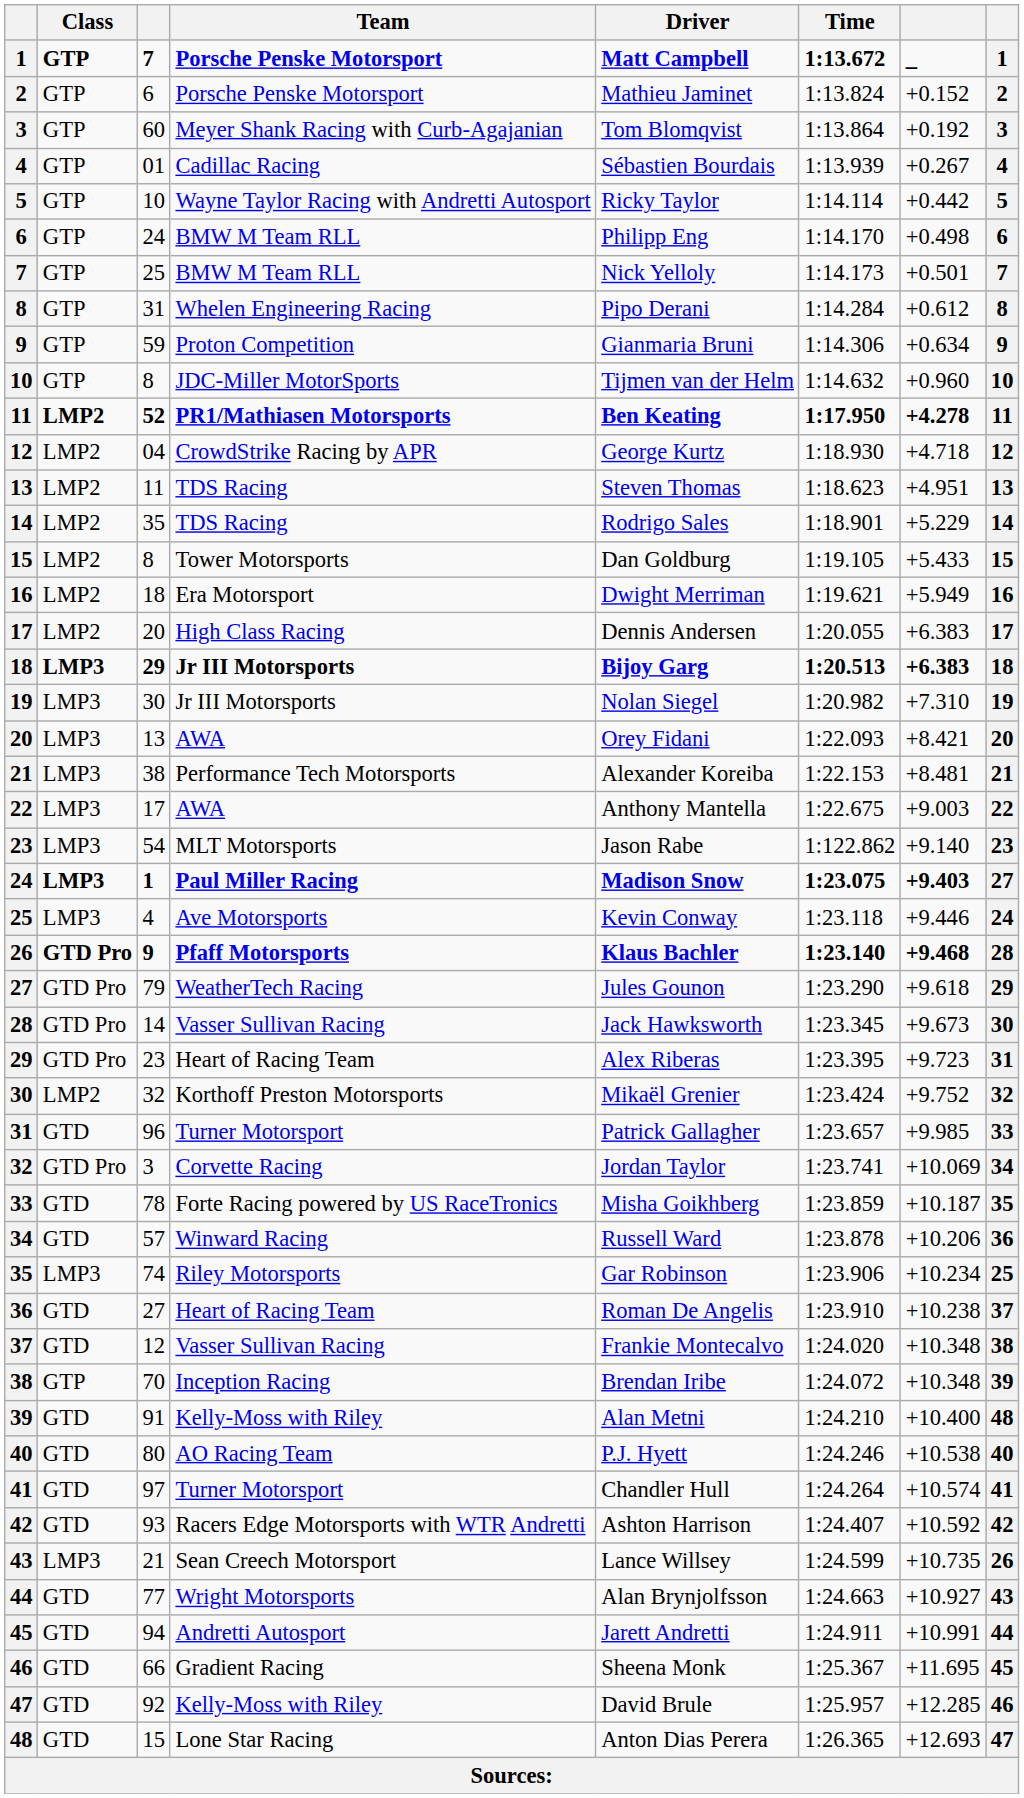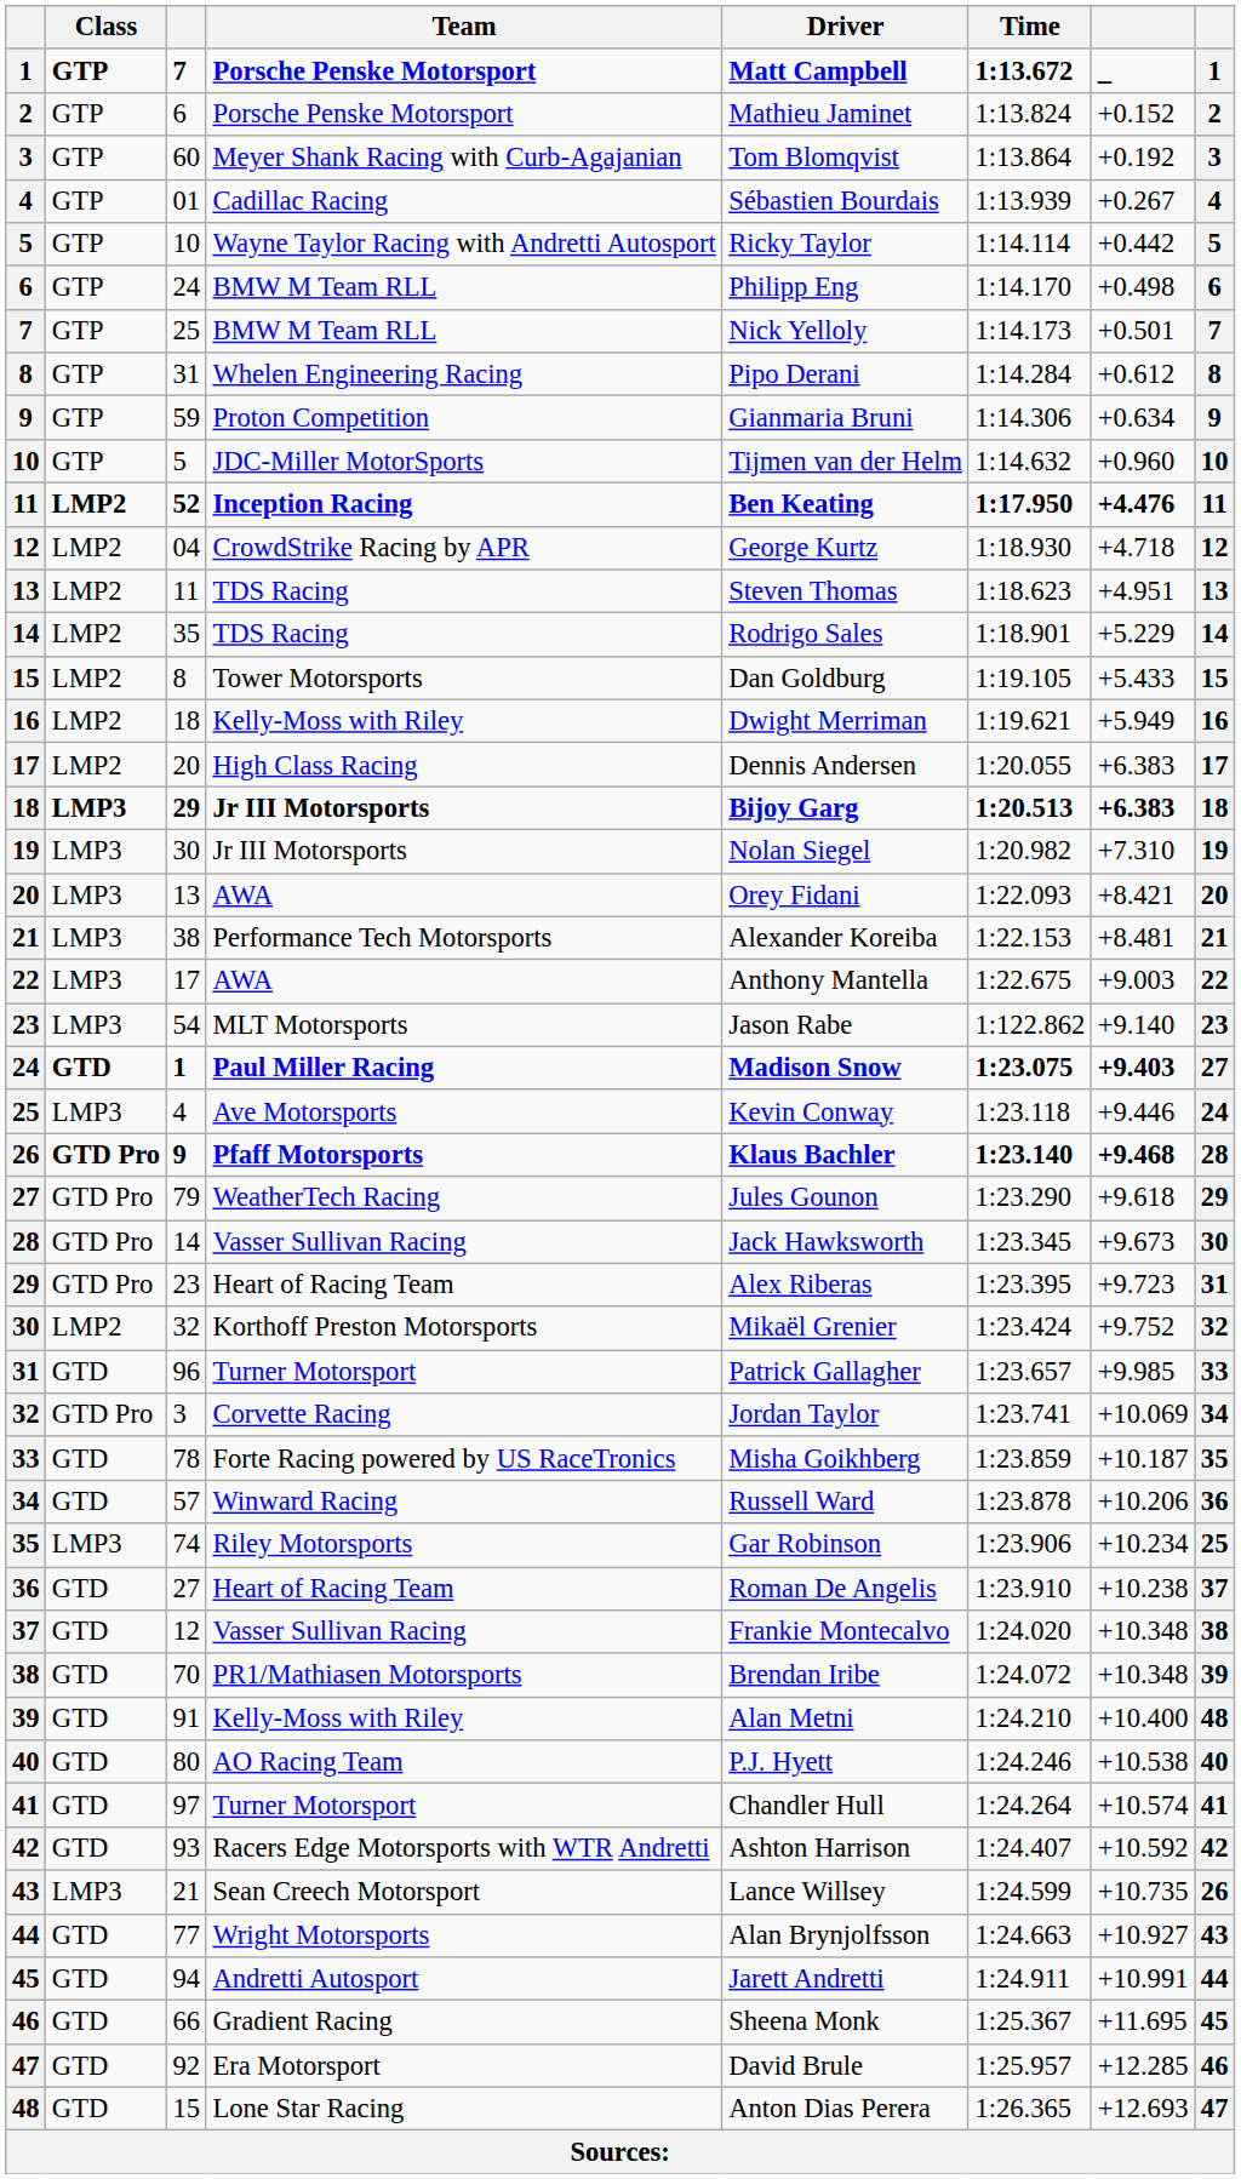 <table class="wikitable">
 <tr>
 <th></th>
 <th>Class</th>
 <th></th>
 <th>Team</th>
 <th>Driver</th>
 <th>Time</th>
 <th></th>
 <th></th>
 </tr>
 <tr style="font-weight:bold">
 <th>1</th>
 <td>GTP</td>
 <td>7</td>
 <td> <a href='#'>Porsche Penske Motorsport</a></td>
 <td> <a href='#'>Matt Campbell</a></td>
 <td>1:13.672</td>
 <td><strong>_</strong></td>
 <th>1</th>
 </tr>
 <tr>
 <th>2</th>
 <td>GTP</td>
 <td>6</td>
 <td> <a href='#'>Porsche Penske Motorsport</a></td>
 <td> <a href='#'>Mathieu Jaminet</a></td>
 <td>1:13.824</td>
 <td>+0.152</td>
 <th>2</th>
 </tr>
 <tr>
 <th>3</th>
 <td>GTP</td>
 <td>60</td>
 <td> <a href='#'>Meyer Shank Racing</a> with <a href='#'>Curb-Agajanian</a></td>
 <td> <a href='#'>Tom Blomqvist</a></td>
 <td>1:13.864</td>
 <td>+0.192</td>
 <th>3</th>
 </tr>
 <tr>
 <th>4</th>
 <td>GTP</td>
 <td>01</td>
 <td> <a href='#'>Cadillac Racing</a></td>
 <td> <a href='#'>Sébastien Bourdais</a></td>
 <td>1:13.939</td>
 <td>+0.267</td>
 <th>4</th>
 </tr>
 <tr>
 <th>5</th>
 <td>GTP</td>
 <td>10</td>
 <td> <a href='#'>Wayne Taylor Racing</a> with <a href='#'>Andretti Autosport</a></td>
 <td> <a href='#'>Ricky Taylor</a></td>
 <td>1:14.114</td>
 <td>+0.442</td>
 <th>5</th>
 </tr>
 <tr>
 <th>6</th>
 <td>GTP</td>
 <td>24</td>
 <td> <a href='#'>BMW M Team RLL</a></td>
 <td> <a href='#'>Philipp Eng</a></td>
 <td>1:14.170</td>
 <td>+0.498</td>
 <th>6</th>
 </tr>
 <tr>
 <th>7</th>
 <td>GTP</td>
 <td>25</td>
 <td> <a href='#'>BMW M Team RLL</a></td>
 <td> <a href='#'>Nick Yelloly</a></td>
 <td>1:14.173</td>
 <td>+0.501</td>
 <th>7</th>
 </tr>
 <tr>
 <th>8</th>
 <td>GTP</td>
 <td>31</td>
 <td> <a href='#'>Whelen Engineering Racing</a></td>
 <td> <a href='#'>Pipo Derani</a></td>
 <td>1:14.284</td>
 <td>+0.612</td>
 <th>8</th>
 </tr>
 <tr>
 <th>9</th>
 <td>GTP</td>
 <td>59</td>
 <td> <a href='#'>Proton Competition</a></td>
 <td> <a href='#'>Gianmaria Bruni</a></td>
 <td>1:14.306</td>
 <td>+0.634</td>
 <th>9</th>
 </tr>
 <tr>
 <th>10</th>
 <td>GTP</td>
-<td>8</td>
+<td>5</td>
 <td> <a href='#'>JDC-Miller MotorSports</a></td>
 <td> <a href='#'>Tijmen van der Helm</a></td>
 <td>1:14.632</td>
 <td>+0.960</td>
 <th>10</th>
 </tr>
 <tr style="font-weight:bold">
 <th>11</th>
 <td>LMP2</td>
 <td>52</td>
-<td> <a href='#'>PR1/Mathiasen Motorsports</a></td>
+<td> <a href='#'>Inception Racing</a></td>
 <td> <a href='#'>Ben Keating</a></td>
 <td>1:17.950</td>
-<td>+4.278</td>
+<td>+4.476</td>
 <th>11</th>
 </tr>
 <tr>
 <th>12</th>
 <td>LMP2</td>
 <td>04</td>
 <td> <a href='#'>CrowdStrike</a> Racing by <a href='#'>APR</a></td>
 <td> <a href='#'>George Kurtz</a></td>
 <td>1:18.930</td>
 <td>+4.718</td>
 <th>12</th>
 </tr>
 <tr>
 <th>13</th>
 <td>LMP2</td>
 <td>11</td>
 <td> <a href='#'>TDS Racing</a></td>
 <td> <a href='#'>Steven Thomas</a></td>
 <td>1:18.623</td>
 <td>+4.951</td>
 <th>13</th>
 </tr>
 <tr>
 <th>14</th>
 <td>LMP2</td>
 <td>35</td>
 <td> <a href='#'>TDS Racing</a></td>
 <td> <a href='#'>Rodrigo Sales</a></td>
 <td>1:18.901</td>
 <td>+5.229</td>
 <th>14</th>
 </tr>
 <tr>
 <th>15</th>
 <td>LMP2</td>
 <td>8</td>
 <td> Tower Motorsports</td>
 <td> Dan Goldburg</td>
 <td>1:19.105</td>
 <td>+5.433</td>
 <th>15</th>
 </tr>
 <tr>
 <th>16</th>
 <td>LMP2</td>
 <td>18</td>
-<td> Era Motorsport</td>
+<td> <a href='#'>Kelly-Moss with Riley</a></td>
 <td> <a href='#'>Dwight Merriman</a></td>
 <td>1:19.621</td>
 <td>+5.949</td>
 <th>16</th>
 </tr>
 <tr>
 <th>17</th>
 <td>LMP2</td>
 <td>20</td>
 <td> <a href='#'>High Class Racing</a></td>
 <td> Dennis Andersen</td>
 <td>1:20.055</td>
 <td>+6.383</td>
 <th>17</th>
 </tr>
 <tr style="font-weight:bold">
 <th>18</th>
 <td>LMP3</td>
 <td>29</td>
 <td> Jr III Motorsports</td>
 <td> <a href='#'>Bijoy Garg</a></td>
 <td>1:20.513</td>
 <td>+6.383</td>
 <th>18</th>
 </tr>
 <tr>
 <th>19</th>
 <td>LMP3</td>
 <td>30</td>
 <td> Jr III Motorsports</td>
 <td> <a href='#'>Nolan Siegel</a></td>
 <td>1:20.982</td>
 <td>+7.310</td>
 <th>19</th>
 </tr>
 <tr>
 <th>20</th>
 <td>LMP3</td>
 <td>13</td>
 <td> <a href='#'>AWA</a></td>
 <td> <a href='#'>Orey Fidani</a></td>
 <td>1:22.093</td>
 <td>+8.421</td>
 <th>20</th>
 </tr>
 <tr>
 <th>21</th>
 <td>LMP3</td>
 <td>38</td>
 <td> Performance Tech Motorsports</td>
 <td> Alexander Koreiba</td>
 <td>1:22.153</td>
 <td>+8.481</td>
 <th>21</th>
 </tr>
 <tr>
 <th>22</th>
 <td>LMP3</td>
 <td>17</td>
 <td> <a href='#'>AWA</a></td>
 <td> Anthony Mantella</td>
 <td>1:22.675</td>
 <td>+9.003</td>
 <th>22</th>
 </tr>
 <tr>
 <th>23</th>
 <td>LMP3</td>
 <td>54</td>
 <td> MLT Motorsports</td>
 <td> Jason Rabe</td>
 <td>1:122.862</td>
 <td>+9.140</td>
 <th>23</th>
 </tr>
 <tr style="font-weight:bold">
 <th>24</th>
-<td>LMP3</td>
+<td>GTD</td>
 <td>1</td>
 <td> <a href='#'>Paul Miller Racing</a></td>
 <td> <a href='#'>Madison Snow</a></td>
 <td>1:23.075</td>
 <td>+9.403</td>
 <th>27</th>
 </tr>
 <tr>
 <th>25</th>
 <td>LMP3</td>
 <td>4</td>
 <td> <a href='#'>Ave Motorsports</a></td>
 <td> <a href='#'>Kevin Conway</a></td>
 <td>1:23.118</td>
 <td>+9.446</td>
 <th>24</th>
 </tr>
 <tr style="font-weight:bold">
 <th>26</th>
 <td>GTD Pro</td>
 <td>9</td>
 <td> <a href='#'>Pfaff Motorsports</a></td>
 <td> <a href='#'>Klaus Bachler</a></td>
 <td>1:23.140</td>
 <td>+9.468</td>
 <th>28</th>
 </tr>
 <tr>
 <th>27</th>
 <td>GTD Pro</td>
 <td>79</td>
 <td> <a href='#'>WeatherTech Racing</a></td>
 <td> <a href='#'>Jules Gounon</a></td>
 <td>1:23.290</td>
 <td>+9.618</td>
 <th>29</th>
 </tr>
 <tr>
 <th>28</th>
 <td>GTD Pro</td>
 <td>14</td>
 <td> <a href='#'>Vasser Sullivan Racing</a></td>
 <td> <a href='#'>Jack Hawksworth</a></td>
 <td>1:23.345</td>
 <td>+9.673</td>
 <th>30</th>
 </tr>
 <tr>
 <th>29</th>
 <td>GTD Pro</td>
 <td>23</td>
 <td> Heart of Racing Team</td>
 <td> <a href='#'>Alex Riberas</a></td>
 <td>1:23.395</td>
 <td>+9.723</td>
 <th>31</th>
 </tr>
 <tr>
 <th>30</th>
 <td>LMP2</td>
 <td>32</td>
 <td> Korthoff Preston Motorsports</td>
 <td> <a href='#'>Mikaël Grenier</a></td>
 <td>1:23.424</td>
 <td>+9.752</td>
 <th>32</th>
 </tr>
 <tr>
 <th>31</th>
 <td>GTD</td>
 <td>96</td>
 <td> <a href='#'>Turner Motorsport</a></td>
 <td> <a href='#'>Patrick Gallagher</a></td>
 <td>1:23.657</td>
 <td>+9.985</td>
 <th>33</th>
 </tr>
 <tr>
 <th>32</th>
 <td>GTD Pro</td>
 <td>3</td>
 <td> <a href='#'>Corvette Racing</a></td>
 <td> <a href='#'>Jordan Taylor</a></td>
 <td>1:23.741</td>
 <td>+10.069</td>
 <th>34</th>
 </tr>
 <tr>
 <th>33</th>
 <td>GTD</td>
 <td>78</td>
 <td> Forte Racing powered by <a href='#'>US RaceTronics</a></td>
 <td> <a href='#'>Misha Goikhberg</a></td>
 <td>1:23.859</td>
 <td>+10.187</td>
 <th>35</th>
 </tr>
 <tr>
 <th>34</th>
 <td>GTD</td>
 <td>57</td>
 <td> <a href='#'>Winward Racing</a></td>
 <td> <a href='#'>Russell Ward</a></td>
 <td>1:23.878</td>
 <td>+10.206</td>
 <th>36</th>
 </tr>
 <tr>
 <th>35</th>
 <td>LMP3</td>
 <td>74</td>
 <td> <a href='#'>Riley Motorsports</a></td>
 <td> <a href='#'>Gar Robinson</a></td>
 <td>1:23.906</td>
 <td>+10.234</td>
 <th>25</th>
 </tr>
 <tr>
 <th>36</th>
 <td>GTD</td>
 <td>27</td>
 <td> <a href='#'>Heart of Racing Team</a></td>
 <td> <a href='#'>Roman De Angelis</a></td>
 <td>1:23.910</td>
 <td>+10.238</td>
 <th>37</th>
 </tr>
 <tr>
 <th>37</th>
 <td>GTD</td>
 <td>12</td>
 <td> <a href='#'>Vasser Sullivan Racing</a></td>
 <td> <a href='#'>Frankie Montecalvo</a></td>
 <td>1:24.020</td>
 <td>+10.348</td>
 <th>38</th>
 </tr>
 <tr>
 <th>38</th>
-<td>GTP</td>
+<td>GTD</td>
 <td>70</td>
-<td> <a href='#'>Inception Racing</a></td>
+<td> <a href='#'>PR1/Mathiasen Motorsports</a></td>
 <td> <a href='#'>Brendan Iribe</a></td>
 <td>1:24.072</td>
 <td>+10.348</td>
 <th>39</th>
 </tr>
 <tr>
 <th>39</th>
 <td>GTD</td>
 <td>91</td>
 <td> <a href='#'>Kelly-Moss with Riley</a></td>
 <td> <a href='#'>Alan Metni</a></td>
 <td>1:24.210</td>
 <td>+10.400</td>
 <th>48</th>
 </tr>
 <tr>
 <th>40</th>
 <td>GTD</td>
 <td>80</td>
 <td> <a href='#'>AO Racing Team</a></td>
 <td> <a href='#'>P.J. Hyett</a></td>
 <td>1:24.246</td>
 <td>+10.538</td>
 <th>40</th>
 </tr>
 <tr>
 <th>41</th>
 <td>GTD</td>
 <td>97</td>
 <td> <a href='#'>Turner Motorsport</a></td>
 <td> Chandler Hull</td>
 <td>1:24.264</td>
 <td>+10.574</td>
 <th>41</th>
 </tr>
 <tr>
 <th>42</th>
 <td>GTD</td>
 <td>93</td>
 <td> Racers Edge Motorsports with <a href='#'>WTR</a> <a href='#'>Andretti</a></td>
 <td> Ashton Harrison</td>
 <td>1:24.407</td>
 <td>+10.592</td>
 <th>42</th>
 </tr>
 <tr>
 <th>43</th>
 <td>LMP3</td>
 <td>21</td>
 <td> Sean Creech Motorsport</td>
 <td> Lance Willsey</td>
 <td>1:24.599</td>
 <td>+10.735</td>
 <th>26</th>
 </tr>
 <tr>
 <th>44</th>
 <td>GTD</td>
 <td>77</td>
 <td> <a href='#'>Wright Motorsports</a></td>
 <td> Alan Brynjolfsson</td>
 <td>1:24.663</td>
 <td>+10.927</td>
 <th>43</th>
 </tr>
 <tr>
 <th>45</th>
 <td>GTD</td>
 <td>94</td>
 <td> <a href='#'>Andretti Autosport</a></td>
 <td> <a href='#'>Jarett Andretti</a></td>
 <td>1:24.911</td>
 <td>+10.991</td>
 <th>44</th>
 </tr>
 <tr>
 <th>46</th>
 <td>GTD</td>
 <td>66</td>
 <td> Gradient Racing</td>
 <td> Sheena Monk</td>
 <td>1:25.367</td>
 <td>+11.695</td>
 <th>45</th>
 </tr>
 <tr>
 <th>47</th>
 <td>GTD</td>
 <td>92</td>
-<td> <a href='#'>Kelly-Moss with Riley</a></td>
+<td> Era Motorsport</td>
 <td> David Brule</td>
 <td>1:25.957</td>
 <td>+12.285</td>
 <th>46</th>
 </tr>
 <tr>
 <th>48</th>
 <td>GTD</td>
 <td>15</td>
 <td> Lone Star Racing</td>
 <td> Anton Dias Perera</td>
 <td>1:26.365</td>
 <td>+12.693</td>
 <th>47</th>
 </tr>
 <tr>
 <th colspan="8">Sources:</th>
 </tr>
 </table>
